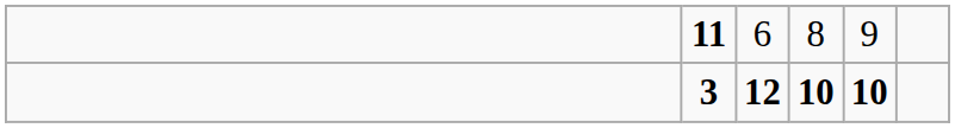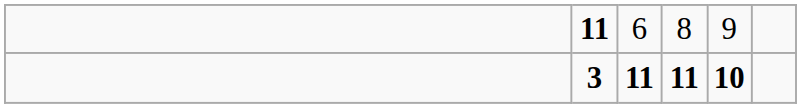 <table class="wikitable">
 <tr>
 <td style="width:18em"></td>
 <td align=center style="width:1em"><strong>11</strong></td>
 <td align=center style="width:1em">6</td>
 <td align=center style="width:1em">8</td>
 <td align=center style="width:1em">9</td>
 <td align=center style="width:1em"></td>
 </tr>
 <tr>
 <td style="width:18em"><strong></strong></td>
 <td align=center style="width:1em"><strong>3</strong></td>
-<td align=center style="width:1em"><strong>12</strong></td>
-<td align=center style="width:1em"><strong>10</strong></td>
+<td align=center style="width:1em"><strong>11</strong></td>
+<td align=center style="width:1em"><strong>11</strong></td>
 <td align=center style="width:1em"><strong>10</strong></td>
 <td align=center style="width:1em"></td>
 </tr>
 </table>
